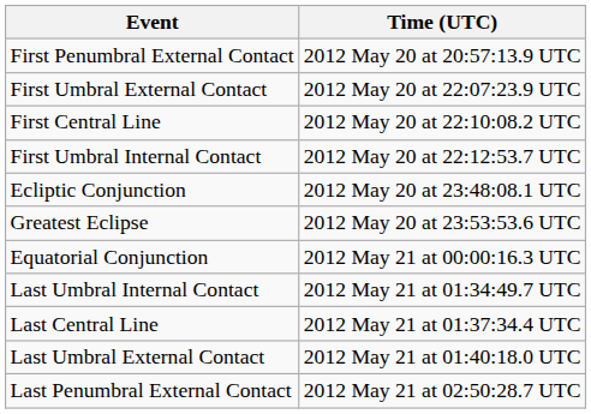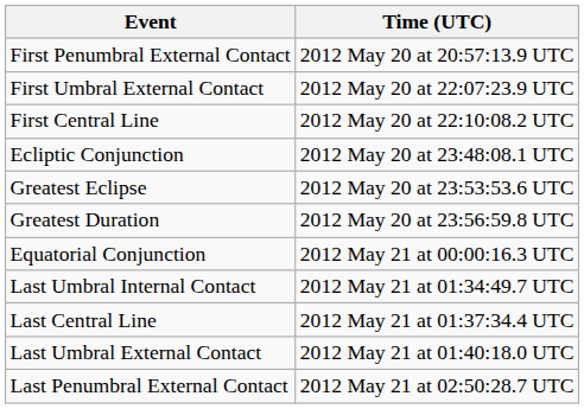 <table class="wikitable">
 <tr>
 <th>Event</th>
 <th>Time (UTC)</th>
 </tr>
 <tr>
 <td>First Penumbral External Contact</td>
 <td>2012 May 20 at 20:57:13.9 UTC</td>
 </tr>
 <tr>
 <td>First Umbral External Contact</td>
 <td>2012 May 20 at 22:07:23.9 UTC</td>
 </tr>
 <tr>
 <td>First Central Line</td>
 <td>2012 May 20 at 22:10:08.2 UTC</td>
 </tr>
 <tr>
-<td>First Umbral Internal Contact</td>
-<td>2012 May 20 at 22:12:53.7 UTC</td>
-</tr>
-<tr>
 <td>Ecliptic Conjunction</td>
 <td>2012 May 20 at 23:48:08.1 UTC</td>
 </tr>
 <tr>
 <td>Greatest Eclipse</td>
 <td>2012 May 20 at 23:53:53.6 UTC</td>
+</tr>
+<tr>
+<td>Greatest Duration</td>
+<td>2012 May 20 at 23:56:59.8 UTC</td>
 </tr>
 <tr>
 <td>Equatorial Conjunction</td>
 <td>2012 May 21 at 00:00:16.3 UTC</td>
 </tr>
 <tr>
 <td>Last Umbral Internal Contact</td>
 <td>2012 May 21 at 01:34:49.7 UTC</td>
 </tr>
 <tr>
 <td>Last Central Line</td>
 <td>2012 May 21 at 01:37:34.4 UTC</td>
 </tr>
 <tr>
 <td>Last Umbral External Contact</td>
 <td>2012 May 21 at 01:40:18.0 UTC</td>
 </tr>
 <tr>
 <td>Last Penumbral External Contact</td>
 <td>2012 May 21 at 02:50:28.7 UTC</td>
 </tr>
 </table>
